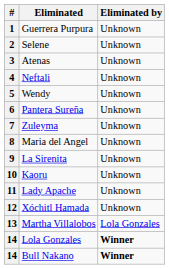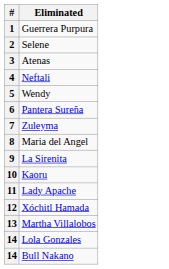 <table class="wikitable sortable">
 <tr>
 <th scope="col">#</th>
 <th scope="col">Eliminated</th>
-<th scope="col">Eliminated by</th>
 </tr>
 <tr>
 <th scope="row">1</th>
 <td>Guerrera Purpura</td>
-<td>Unknown</td>
 </tr>
 <tr>
 <th scope="row">2</th>
 <td>Selene</td>
-<td>Unknown</td>
 </tr>
 <tr>
 <th scope="row">3</th>
 <td>Atenas</td>
-<td>Unknown</td>
 </tr>
 <tr>
 <th scope="row">4</th>
 <td><a href='#'>Neftali</a></td>
-<td>Unknown</td>
 </tr>
 <tr>
 <th scope="row">5</th>
 <td>Wendy</td>
-<td>Unknown</td>
 </tr>
 <tr>
 <th scope="row">6</th>
 <td><a href='#'>Pantera Sureña</a></td>
-<td>Unknown</td>
 </tr>
 <tr>
 <th scope="row">7</th>
 <td><a href='#'>Zuleyma</a></td>
-<td>Unknown</td>
 </tr>
 <tr>
 <th scope="row">8</th>
 <td>Maria del Angel</td>
-<td>Unknown</td>
 </tr>
 <tr>
 <th scope="row">9</th>
 <td><a href='#'>La Sirenita</a></td>
-<td>Unknown</td>
 </tr>
 <tr>
 <th scope="row">10</th>
 <td><a href='#'>Kaoru</a></td>
-<td>Unknown</td>
 </tr>
 <tr>
 <th scope="row">11</th>
 <td><a href='#'>Lady Apache</a></td>
-<td>Unknown</td>
 </tr>
 <tr>
 <th scope="row">12</th>
 <td><a href='#'>Xóchitl Hamada</a></td>
-<td>Unknown</td>
 </tr>
 <tr>
 <th scope="row">13</th>
 <td><a href='#'>Martha Villalobos</a></td>
+</tr>
+<tr>
+<th scope="row">14</th>
 <td><a href='#'>Lola Gonzales</a></td>
 </tr>
 <tr>
 <th scope="row">14</th>
-<td><a href='#'>Lola Gonzales</a></td>
-<td><strong>Winner</strong></td>
-</tr>
-<tr>
-<th scope="row">14</th>
 <td><a href='#'>Bull Nakano</a></td>
-<td><strong>Winner</strong></td>
 </tr>
 </table>
